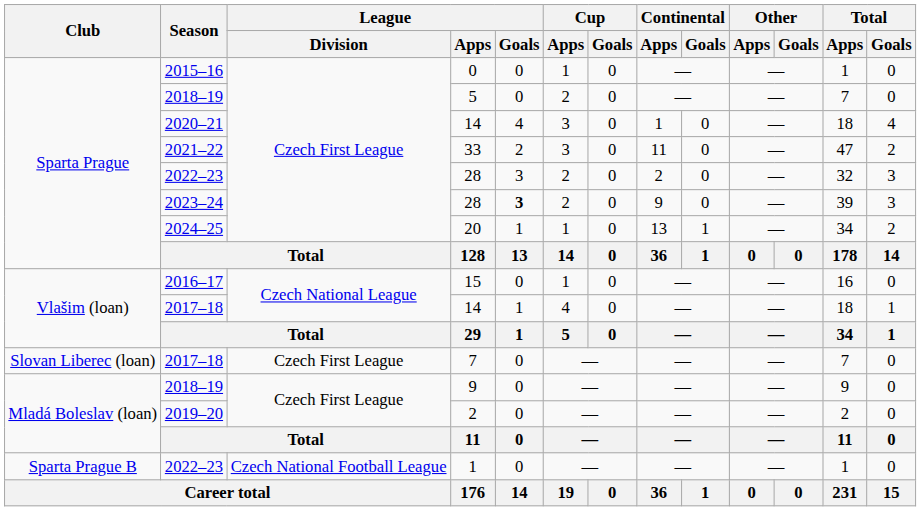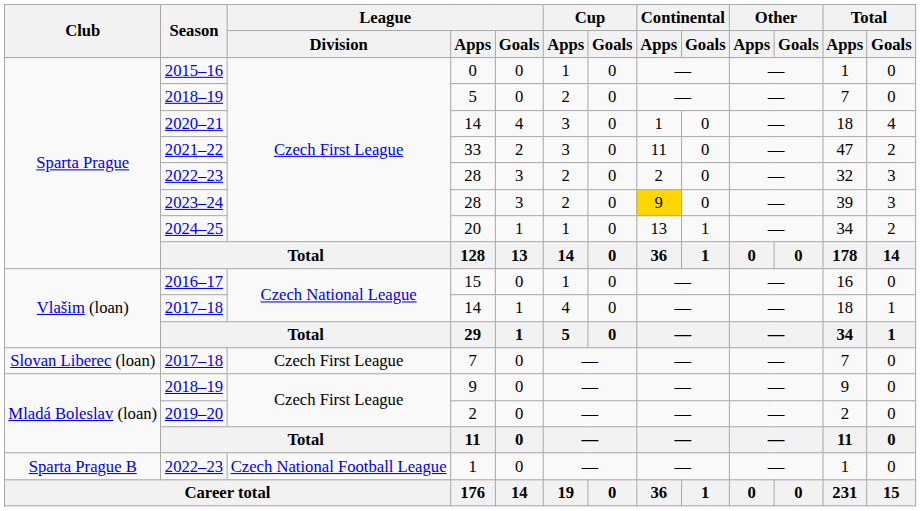 <table class="wikitable" style="text-align:center">
 <tr>
 <th rowspan="2">Club</th>
 <th rowspan="2">Season</th>
 <th colspan="3">League</th>
 <th colspan="2">Cup</th>
 <th colspan="2">Continental</th>
 <th colspan="2">Other</th>
 <th colspan="2">Total</th>
 </tr>
 <tr>
 <th>Division</th>
 <th>Apps</th>
 <th>Goals</th>
 <th>Apps</th>
 <th>Goals</th>
 <th>Apps</th>
 <th>Goals</th>
 <th>Apps</th>
 <th>Goals</th>
 <th>Apps</th>
 <th>Goals</th>
 </tr>
 <tr>
 <td rowspan="8"><a href='#'>Sparta Prague</a></td>
 <td><a href='#'>2015–16</a></td>
 <td rowspan="7"><a href='#'>Czech First League</a></td>
 <td>0</td>
 <td>0</td>
 <td>1</td>
 <td>0</td>
 <td colspan="2">—</td>
 <td colspan="2">—</td>
 <td>1</td>
 <td>0</td>
 </tr>
 <tr>
 <td><a href='#'>2018–19</a></td>
 <td>5</td>
 <td>0</td>
 <td>2</td>
 <td>0</td>
 <td colspan="2">—</td>
 <td colspan="2">—</td>
 <td>7</td>
 <td>0</td>
 </tr>
 <tr>
 <td><a href='#'>2020–21</a></td>
 <td>14</td>
 <td>4</td>
 <td>3</td>
 <td>0</td>
 <td>1</td>
 <td>0</td>
 <td colspan="2">—</td>
 <td>18</td>
 <td>4</td>
 </tr>
 <tr>
 <td><a href='#'>2021–22</a></td>
 <td>33</td>
 <td>2</td>
 <td>3</td>
 <td>0</td>
 <td>11</td>
 <td>0</td>
 <td colspan="2">—</td>
 <td>47</td>
 <td>2</td>
 </tr>
 <tr>
 <td><a href='#'>2022–23</a></td>
 <td>28</td>
 <td>3</td>
 <td>2</td>
 <td>0</td>
 <td>2</td>
 <td>0</td>
 <td colspan="2">—</td>
 <td>32</td>
 <td>3</td>
 </tr>
 <tr>
 <td><a href='#'>2023–24</a></td>
 <td>28</td>
-<td><strong>3</strong></td>
+<td>3</td>
 <td>2</td>
 <td>0</td>
-<td>9</td>
+<td style="background: gold;">9</td>
 <td>0</td>
 <td colspan="2">—</td>
 <td>39</td>
 <td>3</td>
 </tr>
 <tr>
 <td><a href='#'>2024–25</a></td>
 <td>20</td>
 <td>1</td>
 <td>1</td>
 <td>0</td>
 <td>13</td>
 <td>1</td>
 <td colspan="2">—</td>
 <td>34</td>
 <td>2</td>
 </tr>
 <tr>
 <th colspan="2">Total</th>
 <th>128</th>
 <th>13</th>
 <th>14</th>
 <th>0</th>
 <th>36</th>
 <th>1</th>
 <th>0</th>
 <th>0</th>
 <th>178</th>
 <th>14</th>
 </tr>
 <tr>
 <td rowspan="3"><a href='#'>Vlašim</a> (loan)</td>
 <td><a href='#'>2016–17</a></td>
 <td rowspan="2"><a href='#'>Czech National League</a></td>
 <td>15</td>
 <td>0</td>
 <td>1</td>
 <td>0</td>
 <td colspan="2">—</td>
 <td colspan="2">—</td>
 <td>16</td>
 <td>0</td>
 </tr>
 <tr>
 <td><a href='#'>2017–18</a></td>
 <td>14</td>
 <td>1</td>
 <td>4</td>
 <td>0</td>
 <td colspan="2">—</td>
 <td colspan="2">—</td>
 <td>18</td>
 <td>1</td>
 </tr>
 <tr>
 <th colspan="2">Total</th>
 <th>29</th>
 <th>1</th>
 <th>5</th>
 <th>0</th>
 <th colspan="2">—</th>
 <th colspan="2">—</th>
 <th>34</th>
 <th>1</th>
 </tr>
 <tr>
 <td><a href='#'>Slovan Liberec</a> (loan)</td>
 <td><a href='#'>2017–18</a></td>
 <td>Czech First League</td>
 <td>7</td>
 <td>0</td>
 <td colspan="2">—</td>
 <td colspan="2">—</td>
 <td colspan="2">—</td>
 <td>7</td>
 <td>0</td>
 </tr>
 <tr>
 <td rowspan="3"><a href='#'>Mladá Boleslav</a> (loan)</td>
 <td><a href='#'>2018–19</a></td>
 <td rowspan="2">Czech First League</td>
 <td>9</td>
 <td>0</td>
 <td colspan="2">—</td>
 <td colspan="2">—</td>
 <td colspan="2">—</td>
 <td>9</td>
 <td>0</td>
 </tr>
 <tr>
 <td><a href='#'>2019–20</a></td>
 <td>2</td>
 <td>0</td>
 <td colspan="2">—</td>
 <td colspan="2">—</td>
 <td colspan="2">—</td>
 <td>2</td>
 <td>0</td>
 </tr>
 <tr>
 <th colspan="2">Total</th>
 <th>11</th>
 <th>0</th>
 <th colspan="2">—</th>
 <th colspan="2">—</th>
 <th colspan="2">—</th>
 <th>11</th>
 <th>0</th>
 </tr>
 <tr>
 <td><a href='#'>Sparta Prague B</a></td>
 <td><a href='#'>2022–23</a></td>
 <td><a href='#'>Czech National Football League</a></td>
 <td>1</td>
 <td>0</td>
 <td colspan="2">—</td>
 <td colspan="2">—</td>
 <td colspan="2">—</td>
 <td>1</td>
 <td>0</td>
 </tr>
 <tr>
 <th colspan="3">Career total</th>
 <th>176</th>
 <th>14</th>
 <th>19</th>
 <th>0</th>
 <th>36</th>
 <th>1</th>
 <th>0</th>
 <th>0</th>
 <th>231</th>
 <th>15</th>
 </tr>
 </table>
